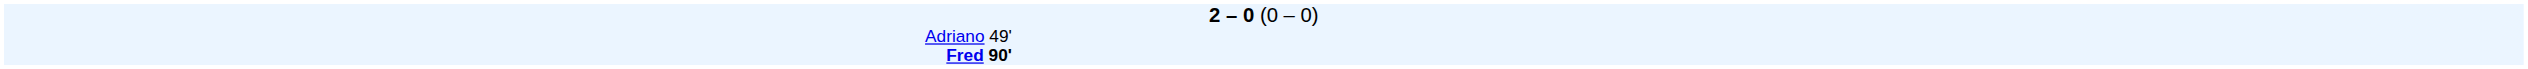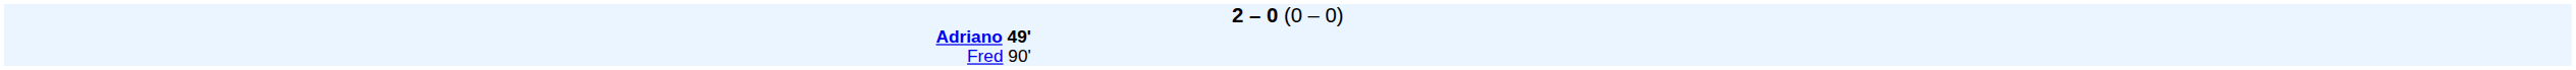 <table width="100%" cellspacing="0" cellpadding="0" style=background:#EBF5FF>
 <tr>
 <td width=40% align=right><strong></strong></td>
 <td align=center width="20"%><strong> 2 – 0 </strong>(0 – 0)</td>
 <td width=40%><strong></strong></td>
 </tr>
 <tr style=font-size:85%>
-<td align=right><a href='#'>Adriano</a> 49'</td>
+<td align=right><strong><a href='#'>Adriano</a> 49'</strong></td>
 </tr>
 <tr style=font-size:85%>
-<td align=right><strong><a href='#'>Fred</a> 90'</strong></td>
+<td align=right><a href='#'>Fred</a> 90'</td>
 </tr>
 </table>
